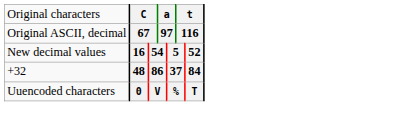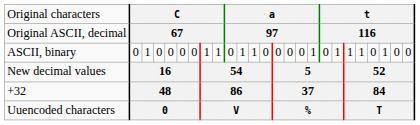 <table class="wikitable">
 <tr>
 <td style="border-right: 2px solid black">Original characters</td>
 <th colspan=8 style="border-right: 2px solid green"><code>C</code></th>
 <th colspan=8 style="border-right: 2px solid green"><code>a</code></th>
 <th colspan=8 style="border-right: 2px solid black"><code>t</code></th>
 </tr>
 <tr>
 <td style="border-right: 2px solid black">Original ASCII, decimal</td>
 <th colspan=8 style="border-right: 2px solid green">67</th>
 <th colspan=8 style="border-right: 2px solid green">97</th>
 <th colspan=8 style="border-right: 2px solid black">116</th>
+</tr>
+<tr>
+<td style="border-right: 2px solid black">ASCII, binary</td>
+<td>0</td>
+<td>1</td>
+<td>0</td>
+<td>0</td>
+<td>0</td>
+<td style="border-right: 2px solid red">0</td>
+<td>1</td>
+<td style="border-right: 2px solid green">1</td>
+<td>0</td>
+<td>1</td>
+<td>1</td>
+<td style="border-right: 2px solid red">0</td>
+<td>0</td>
+<td>0</td>
+<td>0</td>
+<td style="border-right: 2px solid green">1</td>
+<td>0</td>
+<td style="border-right: 2px solid red">1</td>
+<td>1</td>
+<td>1</td>
+<td>0</td>
+<td>1</td>
+<td>0</td>
+<td style="border-right: 2px solid black">0</td>
 </tr>
 <tr>
 <td style="border-right: 2px solid black">New decimal values</td>
 <th colspan=6 style="border-right: 2px solid red">16</th>
 <th colspan=6 style="border-right: 2px solid red">54</th>
 <th colspan=6 style="border-right: 2px solid red">5</th>
 <th colspan=6 style="border-right: 2px solid black">52</th>
 </tr>
 <tr>
 <td style="border-right: 2px solid black">+32</td>
 <th colspan=6 style="border-right: 2px solid red">48</th>
 <th colspan=6 style="border-right: 2px solid red">86</th>
 <th colspan=6 style="border-right: 2px solid red">37</th>
 <th colspan=6 style="border-right: 2px solid black">84</th>
 </tr>
 <tr>
 <td style="border-right: 2px solid black">Uuencoded characters</td>
 <th colspan=6 style="border-right: 2px solid red"><code>0</code></th>
 <th colspan=6 style="border-right: 2px solid red"><code>V</code></th>
 <th colspan=6 style="border-right: 2px solid red"><code>%</code></th>
 <th colspan=6 style="border-right: 2px solid black"><code>T</code></th>
 </tr>
 </table>
